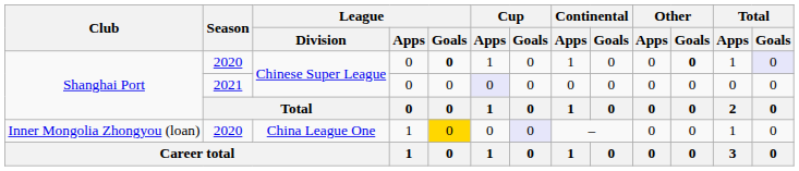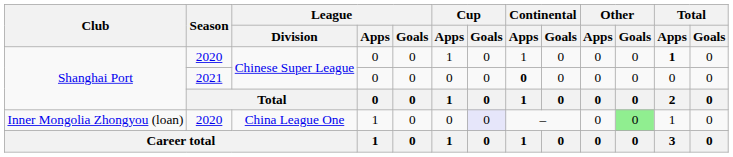 <table class="wikitable" style="text-align: center">
 <tr>
 <th rowspan="2">Club</th>
 <th rowspan="2">Season</th>
 <th colspan="3">League</th>
 <th colspan="2">Cup</th>
 <th colspan="2">Continental</th>
 <th colspan="2">Other</th>
 <th colspan="2">Total</th>
 </tr>
 <tr>
 <th>Division</th>
 <th>Apps</th>
 <th>Goals</th>
 <th>Apps</th>
 <th>Goals</th>
 <th>Apps</th>
 <th>Goals</th>
 <th>Apps</th>
 <th>Goals</th>
 <th>Apps</th>
 <th>Goals</th>
 </tr>
 <tr>
 <td rowspan="3"><a href='#'>Shanghai Port</a></td>
 <td><a href='#'>2020</a></td>
 <td rowspan="2"><a href='#'>Chinese Super League</a></td>
 <td>0</td>
-<td><strong>0</strong></td>
+<td>0</td>
 <td>1</td>
 <td>0</td>
 <td>1</td>
 <td>0</td>
 <td>0</td>
-<td><strong>0</strong></td>
-<td>1</td>
-<td style="background: lavender;">0</td>
+<td>0</td>
+<td><strong>1</strong></td>
+<td>0</td>
 </tr>
 <tr>
 <td><a href='#'>2021</a></td>
 <td>0</td>
 <td>0</td>
-<td style="background: lavender;">0</td>
 <td>0</td>
 <td>0</td>
+<td><strong>0</strong></td>
 <td>0</td>
 <td>0</td>
 <td>0</td>
 <td>0</td>
 <td>0</td>
 </tr>
 <tr>
 <th colspan=2>Total</th>
 <th>0</th>
 <th>0</th>
 <th>1</th>
 <th>0</th>
 <th>1</th>
 <th>0</th>
 <th>0</th>
 <th>0</th>
 <th>2</th>
 <th>0</th>
 </tr>
 <tr>
 <td><a href='#'>Inner Mongolia Zhongyou</a> (loan)</td>
 <td><a href='#'>2020</a></td>
 <td><a href='#'>China League One</a></td>
 <td>1</td>
-<td style="background: gold;">0</td>
+<td>0</td>
 <td>0</td>
 <td style="background: lavender;">0</td>
 <td colspan="2">–</td>
 <td>0</td>
-<td>0</td>
+<td style="background: lightgreen;">0</td>
 <td>1</td>
 <td>0</td>
 </tr>
 <tr>
 <th colspan=3>Career total</th>
 <th>1</th>
 <th>0</th>
 <th>1</th>
 <th>0</th>
 <th>1</th>
 <th>0</th>
 <th>0</th>
 <th>0</th>
 <th>3</th>
 <th>0</th>
 </tr>
 </table>
